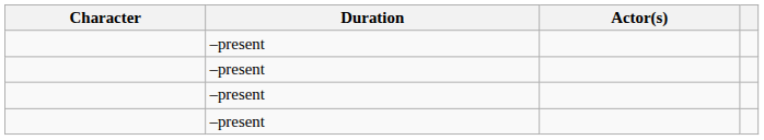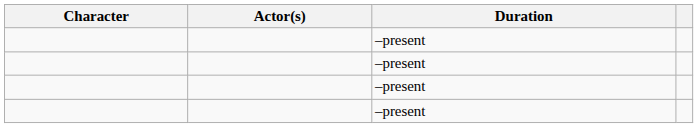 <table class="wikitable sortable">
 <tr>
 <th scope="col" style="width:190px;">Character</th>
+<th scope="col" style="width:190px;">Actor(s)</th>
 <th scope="col" style="width:320px;">Duration</th>
-<th scope="col" style="width:190px;">Actor(s)</th>
 <th scope="col" style="width:10px;"></th>
 </tr>
 <tr>
 <td></td>
+<td></td>
 <td>–present</td>
-<td></td>
 <td style="text-align:center;"></td>
 </tr>
 <tr>
 <td></td>
+<td></td>
 <td>–present</td>
-<td></td>
 <td style="text-align:center;"></td>
 </tr>
 <tr>
 <td></td>
+<td></td>
 <td>–present</td>
-<td></td>
 <td style="text-align:center;"></td>
 </tr>
 <tr>
 <td></td>
+<td></td>
 <td>–present</td>
-<td></td>
 <td style="text-align:center;"></td>
 </tr>
 </table>
